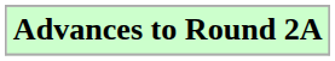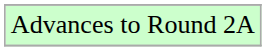 <table class="wikitable">
 <tr>
 </tr>
 <tr width=10px bgcolor=ccffcc>
-<td><strong>Advances to Round 2A</strong></td>
+<td>Advances to Round 2A</td>
 </tr>
 <tr>
 </tr>
 </table>
